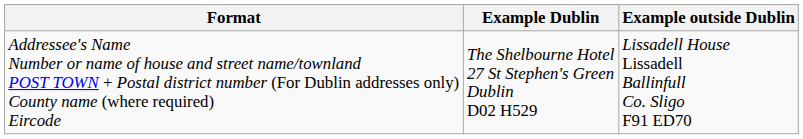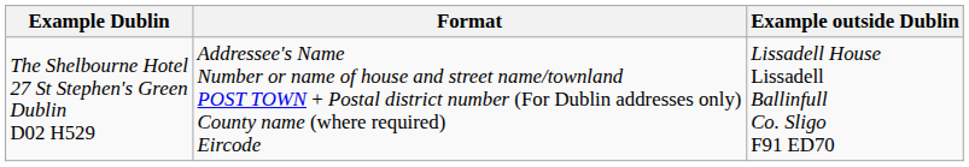 <table class="wikitable">
 <tr>
+<th>Example Dublin</th>
 <th>Format</th>
-<th>Example Dublin</th>
 <th>Example outside Dublin</th>
 </tr>
 <tr>
+<td><em>The Shelbourne Hotel</em><br><em>27 St Stephen's Green</em><br><em>Dublin</em><br>D02 H529</td>
 <td><em>Addressee's Name</em><br><em>Number or name of house and street name/townland</em><br><em><a href='#'>POST TOWN</a></em> + <em>Postal district number</em> (For Dublin addresses only) <br><em>County name</em> (where required)<br><em>Eircode</em></td>
-<td><em>The Shelbourne Hotel</em><br><em>27 St Stephen's Green</em><br><em>Dublin</em><br>D02 H529</td>
 <td><em>Lissadell House</em><br>Lissadell<br><em>Ballinfull</em><br><em>Co. Sligo</em><br>F91 ED70</td>
 </tr>
 </table>
